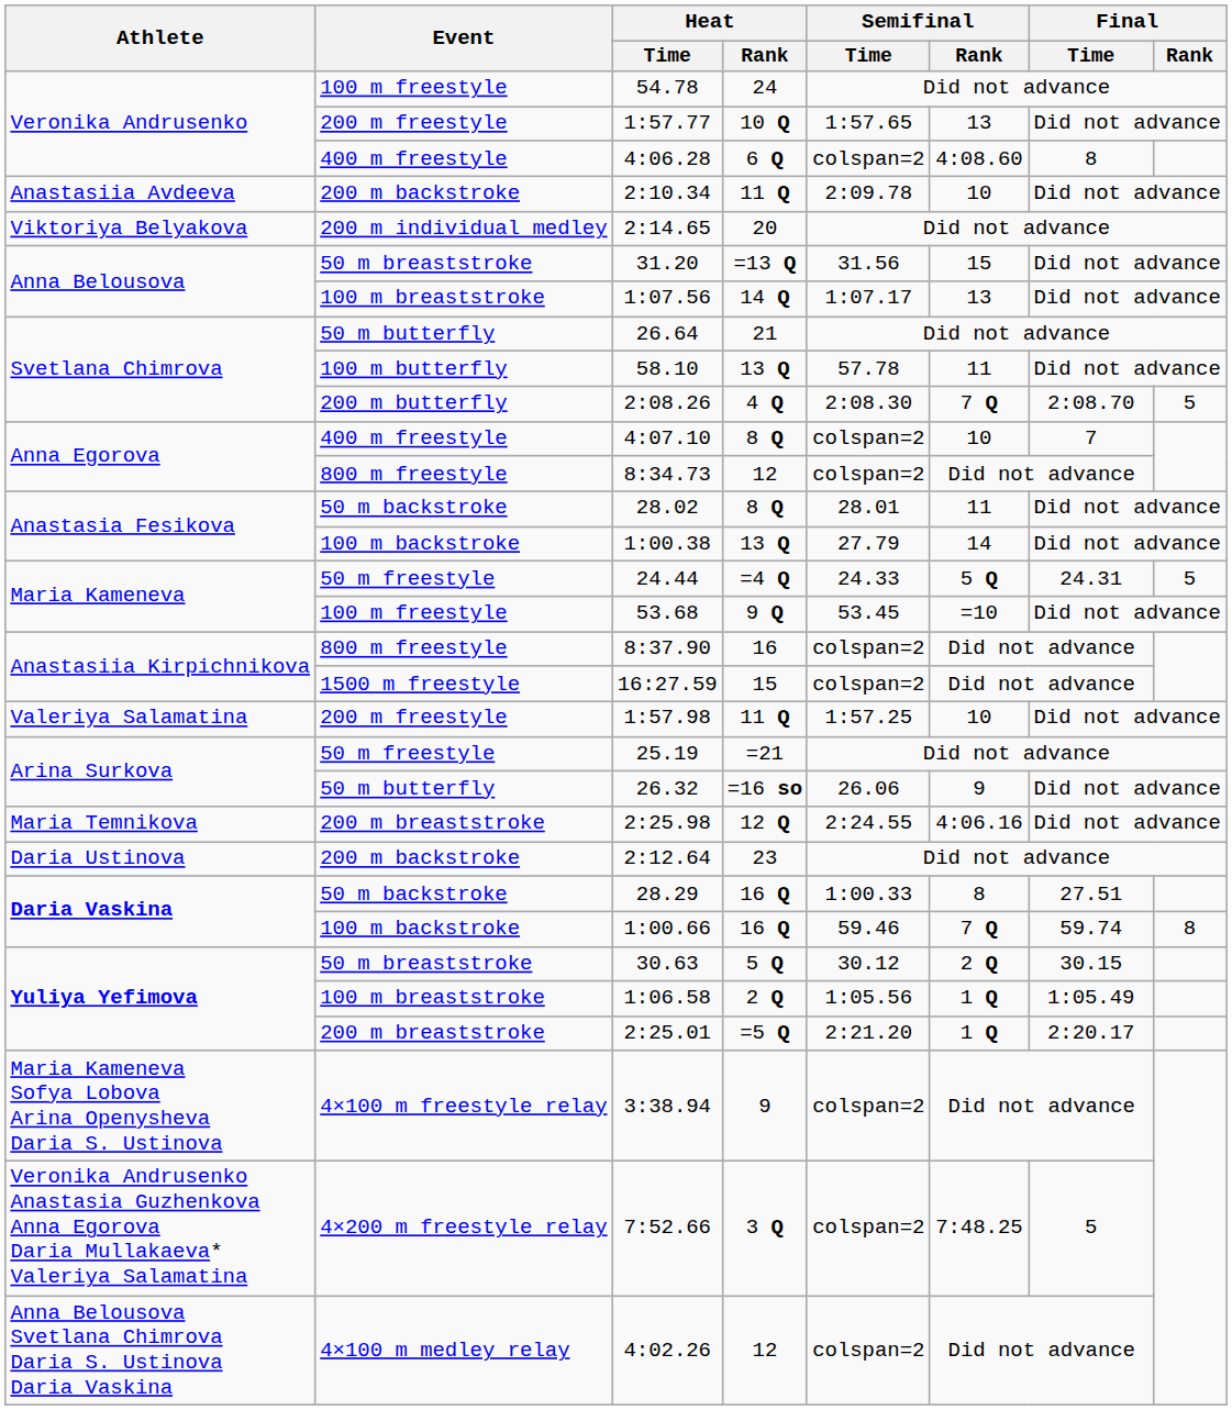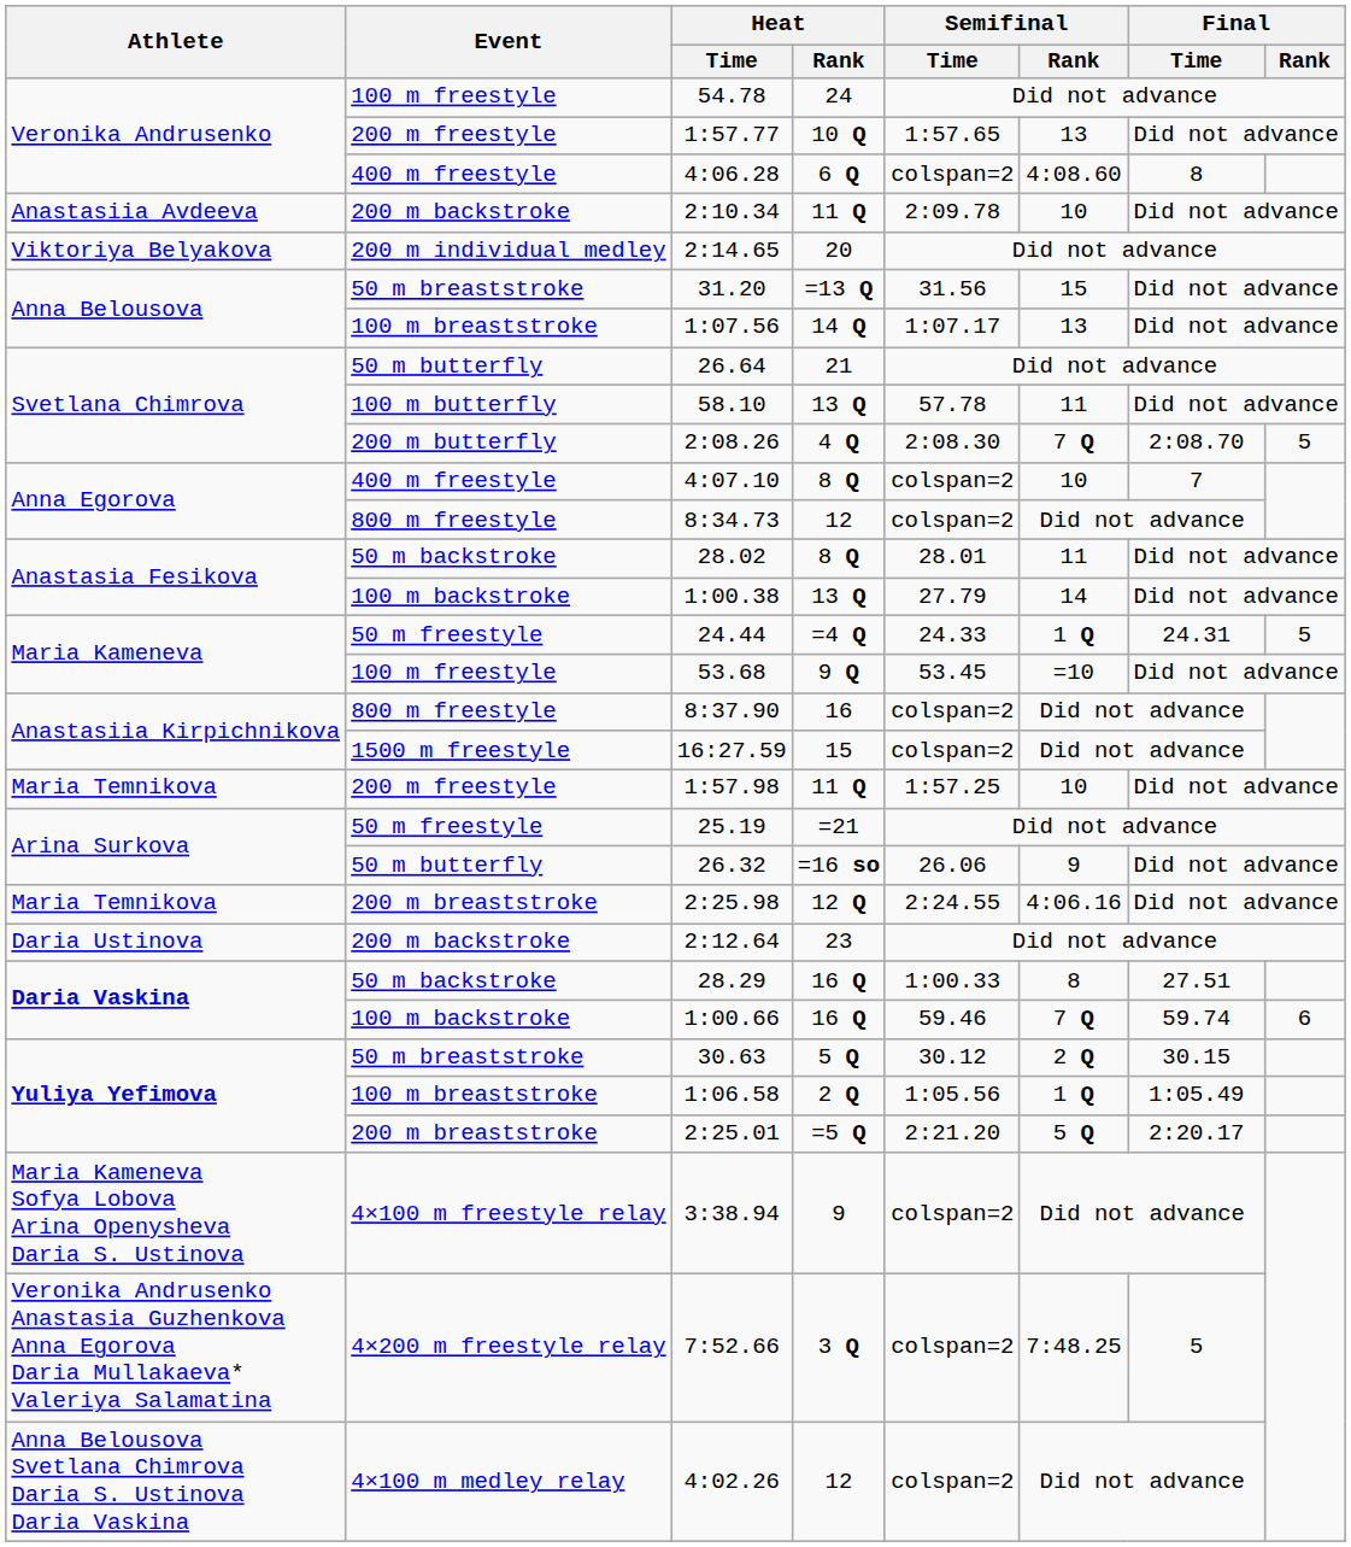 <table class="wikitable" style="text-align:center; font-size:90%">
 <tr>
 <th rowspan=2>Athlete</th>
 <th rowspan=2>Event</th>
 <th colspan=2>Heat</th>
 <th colspan=2>Semifinal</th>
 <th colspan=2>Final</th>
 </tr>
 <tr style="font-size:95%">
 <th>Time</th>
 <th>Rank</th>
 <th>Time</th>
 <th>Rank</th>
 <th>Time</th>
 <th>Rank</th>
 </tr>
 <tr>
 <td rowspan=3 align=left><a href='#'>Veronika Andrusenko</a></td>
 <td align=left><a href='#'>100 m freestyle</a></td>
 <td>54.78</td>
 <td>24</td>
 <td colspan=4>Did not advance</td>
 </tr>
 <tr>
 <td align=left><a href='#'>200 m freestyle</a></td>
 <td>1:57.77</td>
 <td>10 <strong>Q</strong></td>
 <td>1:57.65</td>
 <td>13</td>
 <td colspan=2>Did not advance</td>
 </tr>
 <tr>
 <td align=left><a href='#'>400 m freestyle</a></td>
 <td>4:06.28</td>
 <td>6 <strong>Q</strong></td>
 <td>colspan=2 </td>
 <td>4:08.60</td>
 <td>8</td>
 </tr>
 <tr>
 <td align=left><a href='#'>Anastasiia Avdeeva</a></td>
 <td align=left><a href='#'>200 m backstroke</a></td>
 <td>2:10.34</td>
 <td>11 <strong>Q</strong></td>
 <td>2:09.78</td>
 <td>10</td>
 <td colspan=2>Did not advance</td>
 </tr>
 <tr>
 <td align=left><a href='#'>Viktoriya Belyakova</a></td>
 <td align=left><a href='#'>200 m individual medley</a></td>
 <td>2:14.65</td>
 <td>20</td>
 <td colspan=4>Did not advance</td>
 </tr>
 <tr>
 <td rowspan=2 align=left><a href='#'>Anna Belousova</a></td>
 <td align=left><a href='#'>50 m breaststroke</a></td>
 <td>31.20</td>
 <td>=13 <strong>Q</strong></td>
 <td>31.56</td>
 <td>15</td>
 <td colspan=2>Did not advance</td>
 </tr>
 <tr>
 <td align=left><a href='#'>100 m breaststroke</a></td>
 <td>1:07.56</td>
 <td>14 <strong>Q</strong></td>
 <td>1:07.17</td>
 <td>13</td>
 <td colspan=2>Did not advance</td>
 </tr>
 <tr>
 <td rowspan=3 align=left><a href='#'>Svetlana Chimrova</a></td>
 <td align=left><a href='#'>50 m butterfly</a></td>
 <td>26.64</td>
 <td>21</td>
 <td colspan=4>Did not advance</td>
 </tr>
 <tr>
 <td align=left><a href='#'>100 m butterfly</a></td>
 <td>58.10</td>
 <td>13 <strong>Q</strong></td>
 <td>57.78</td>
 <td>11</td>
 <td colspan=2>Did not advance</td>
 </tr>
 <tr>
 <td align=left><a href='#'>200 m butterfly</a></td>
 <td>2:08.26</td>
 <td>4 <strong>Q</strong></td>
 <td>2:08.30</td>
 <td>7 <strong>Q</strong></td>
 <td>2:08.70</td>
 <td>5</td>
 </tr>
 <tr>
 <td rowspan=2 align=left><a href='#'>Anna Egorova</a></td>
 <td align=left><a href='#'>400 m freestyle</a></td>
 <td>4:07.10</td>
 <td>8 <strong>Q</strong></td>
 <td>colspan=2 </td>
 <td>10</td>
 <td>7</td>
 </tr>
 <tr>
 <td align=left><a href='#'>800 m freestyle</a></td>
 <td>8:34.73</td>
 <td>12</td>
 <td>colspan=2 </td>
 <td colspan=2>Did not advance</td>
 </tr>
 <tr>
 <td rowspan=2 align=left><a href='#'>Anastasia Fesikova</a></td>
 <td align=left><a href='#'>50 m backstroke</a></td>
 <td>28.02</td>
 <td>8 <strong>Q</strong></td>
 <td>28.01</td>
 <td>11</td>
 <td colspan=2>Did not advance</td>
 </tr>
 <tr>
 <td align=left><a href='#'>100 m backstroke</a></td>
 <td>1:00.38</td>
 <td>13 <strong>Q</strong></td>
 <td>27.79</td>
 <td>14</td>
 <td colspan=2>Did not advance</td>
 </tr>
 <tr>
 <td rowspan=2 align=left><a href='#'>Maria Kameneva</a></td>
 <td align=left><a href='#'>50 m freestyle</a></td>
 <td>24.44</td>
 <td>=4 <strong>Q</strong></td>
 <td>24.33</td>
-<td>5 <strong>Q</strong></td>
+<td>1 <strong>Q</strong></td>
 <td>24.31</td>
 <td>5</td>
 </tr>
 <tr>
 <td align=left><a href='#'>100 m freestyle</a></td>
 <td>53.68</td>
 <td>9 <strong>Q</strong></td>
 <td>53.45</td>
 <td>=10</td>
 <td colspan=2>Did not advance</td>
 </tr>
 <tr>
 <td rowspan=2 align=left><a href='#'>Anastasiia Kirpichnikova</a></td>
 <td align=left><a href='#'>800 m freestyle</a></td>
 <td>8:37.90</td>
 <td>16</td>
 <td>colspan=2 </td>
 <td colspan=2>Did not advance</td>
 </tr>
 <tr>
 <td align=left><a href='#'>1500 m freestyle</a></td>
 <td>16:27.59</td>
 <td>15</td>
 <td>colspan=2 </td>
 <td colspan=2>Did not advance</td>
 </tr>
 <tr>
-<td align=left><a href='#'>Valeriya Salamatina</a></td>
+<td align=left><a href='#'>Maria Temnikova</a></td>
 <td align=left><a href='#'>200 m freestyle</a></td>
 <td>1:57.98</td>
 <td>11 <strong>Q</strong></td>
 <td>1:57.25</td>
 <td>10</td>
 <td colspan=2>Did not advance</td>
 </tr>
 <tr>
 <td rowspan=2 align=left><a href='#'>Arina Surkova</a></td>
 <td align=left><a href='#'>50 m freestyle</a></td>
 <td>25.19</td>
 <td>=21</td>
 <td colspan=4>Did not advance</td>
 </tr>
 <tr>
 <td align=left><a href='#'>50 m butterfly</a></td>
 <td>26.32</td>
 <td>=16  <strong>so</strong></td>
 <td>26.06</td>
 <td>9</td>
 <td colspan=2>Did not advance</td>
 </tr>
 <tr>
 <td align=left><a href='#'>Maria Temnikova</a></td>
 <td align=left><a href='#'>200 m breaststroke</a></td>
 <td>2:25.98</td>
 <td>12 <strong>Q</strong></td>
 <td>2:24.55</td>
 <td>4:06.16</td>
 <td colspan=2>Did not advance</td>
 </tr>
 <tr>
 <td align=left><a href='#'>Daria Ustinova</a></td>
 <td align=left><a href='#'>200 m backstroke</a></td>
 <td>2:12.64</td>
 <td>23</td>
 <td colspan=4>Did not advance</td>
 </tr>
 <tr>
 <td rowspan=2 align=left><strong><a href='#'>Daria Vaskina</a></strong></td>
 <td align=left><a href='#'>50 m backstroke</a></td>
 <td>28.29</td>
 <td>16 <strong>Q</strong></td>
 <td>1:00.33</td>
 <td>8</td>
 <td>27.51</td>
 <td></td>
 </tr>
 <tr>
 <td align=left><a href='#'>100 m backstroke</a></td>
 <td>1:00.66</td>
 <td>16 <strong>Q</strong></td>
 <td>59.46</td>
 <td>7 <strong>Q</strong></td>
 <td>59.74</td>
-<td>8</td>
+<td>6</td>
 </tr>
 <tr>
 <td rowspan=3 align=left><strong><a href='#'>Yuliya Yefimova</a></strong></td>
 <td align=left><a href='#'>50 m breaststroke</a></td>
 <td>30.63</td>
 <td>5 <strong>Q</strong></td>
 <td>30.12</td>
 <td>2 <strong>Q</strong></td>
 <td>30.15</td>
 <td></td>
 </tr>
 <tr>
 <td align=left><a href='#'>100 m breaststroke</a></td>
 <td>1:06.58</td>
 <td>2 <strong>Q</strong></td>
 <td>1:05.56</td>
 <td>1 <strong>Q</strong></td>
 <td>1:05.49</td>
 <td></td>
 </tr>
 <tr>
 <td align=left><a href='#'>200 m breaststroke</a></td>
 <td>2:25.01</td>
 <td>=5 <strong>Q</strong></td>
 <td>2:21.20</td>
-<td>1 <strong>Q</strong></td>
+<td>5 <strong>Q</strong></td>
 <td>2:20.17</td>
 <td></td>
 </tr>
 <tr>
 <td align=left><a href='#'>Maria Kameneva</a><br><a href='#'>Sofya Lobova</a><br><a href='#'>Arina Openysheva</a><br><a href='#'>Daria S. Ustinova</a></td>
 <td align=left><a href='#'>4×100 m freestyle relay</a></td>
 <td>3:38.94</td>
 <td>9</td>
 <td>colspan=2 </td>
 <td colspan=2>Did not advance</td>
 </tr>
 <tr>
 <td align=left><a href='#'>Veronika Andrusenko</a><br><a href='#'>Anastasia Guzhenkova</a><br><a href='#'>Anna Egorova</a><br><a href='#'>Daria Mullakaeva</a>*<br><a href='#'>Valeriya Salamatina</a></td>
 <td align=left><a href='#'>4×200 m freestyle relay</a></td>
 <td>7:52.66</td>
 <td>3 <strong>Q</strong></td>
 <td>colspan=2 </td>
 <td>7:48.25</td>
 <td>5</td>
 </tr>
 <tr>
 <td align=left><a href='#'>Anna Belousova</a><br><a href='#'>Svetlana Chimrova</a><br><a href='#'>Daria S. Ustinova</a><br><a href='#'>Daria Vaskina</a></td>
 <td align=left><a href='#'>4×100 m medley relay</a></td>
 <td>4:02.26</td>
 <td>12</td>
 <td>colspan=2 </td>
 <td colspan=2>Did not advance</td>
 </tr>
 </table>
